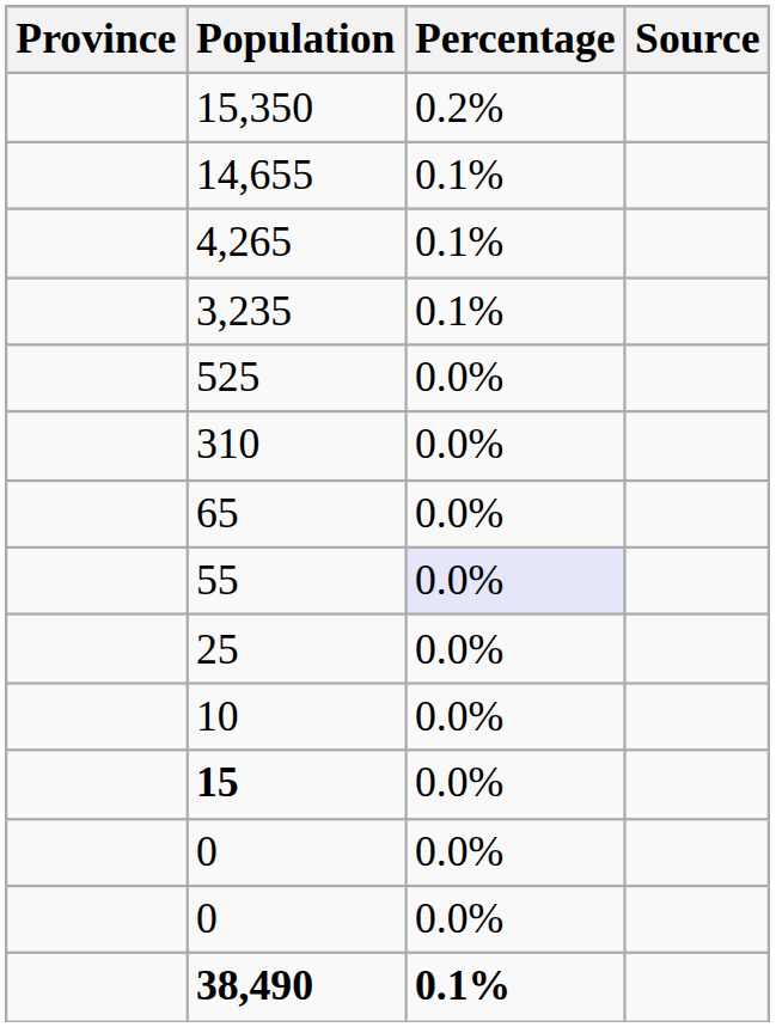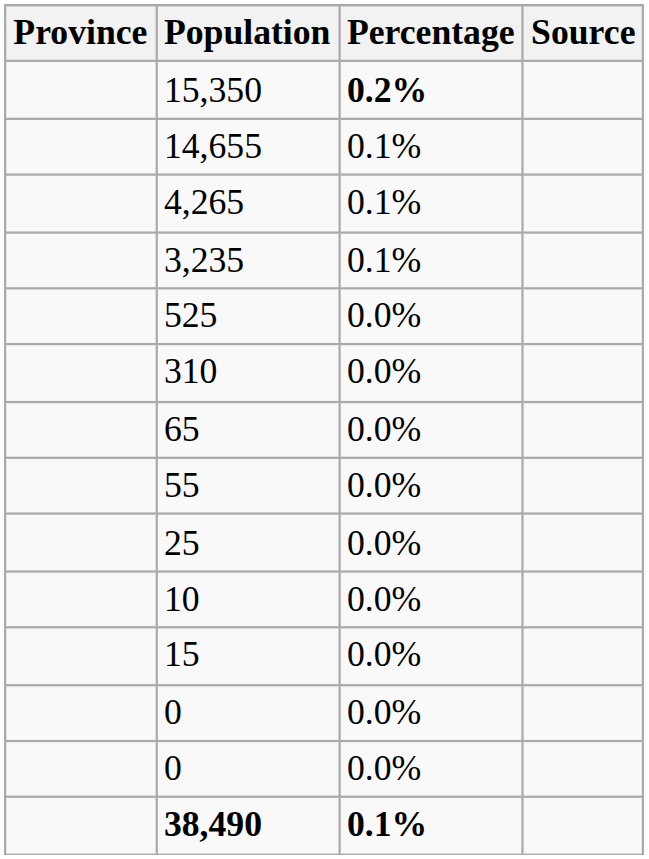 <table class="wikitable sortable">
 <tr>
 </tr>
 <tr>
 <th>Province</th>
 <th>Population</th>
 <th>Percentage</th>
 <th>Source</th>
 </tr>
 <tr>
 <td></td>
 <td>15,350</td>
-<td>0.2%</td>
+<td><strong>0.2%</strong></td>
 <td></td>
 </tr>
 <tr>
 <td></td>
 <td>14,655</td>
 <td>0.1%</td>
 <td></td>
 </tr>
 <tr>
 <td></td>
 <td>4,265</td>
 <td>0.1%</td>
 <td></td>
 </tr>
 <tr>
 <td></td>
 <td>3,235</td>
 <td>0.1%</td>
 <td></td>
 </tr>
 <tr>
 <td></td>
 <td>525</td>
 <td>0.0%</td>
 <td></td>
 </tr>
 <tr>
 <td></td>
 <td>310</td>
 <td>0.0%</td>
 <td></td>
 </tr>
 <tr>
 <td></td>
 <td>65</td>
 <td>0.0%</td>
 <td></td>
 </tr>
 <tr>
 <td></td>
 <td>55</td>
-<td style="background: lavender;">0.0%</td>
+<td>0.0%</td>
 <td></td>
 </tr>
 <tr>
 <td></td>
 <td>25</td>
 <td>0.0%</td>
 <td></td>
 </tr>
 <tr>
 <td></td>
 <td>10</td>
 <td>0.0%</td>
 <td></td>
 </tr>
 <tr>
 <td></td>
-<td><strong>15</strong></td>
+<td>15</td>
 <td>0.0%</td>
 <td></td>
 </tr>
 <tr>
 <td></td>
 <td>0</td>
 <td>0.0%</td>
 <td></td>
 </tr>
 <tr>
 <td></td>
 <td>0</td>
 <td>0.0%</td>
 <td></td>
 </tr>
 <tr>
 <td></td>
 <td><strong>38,490</strong></td>
 <td><strong>0.1%</strong></td>
 <td></td>
 </tr>
 </table>
